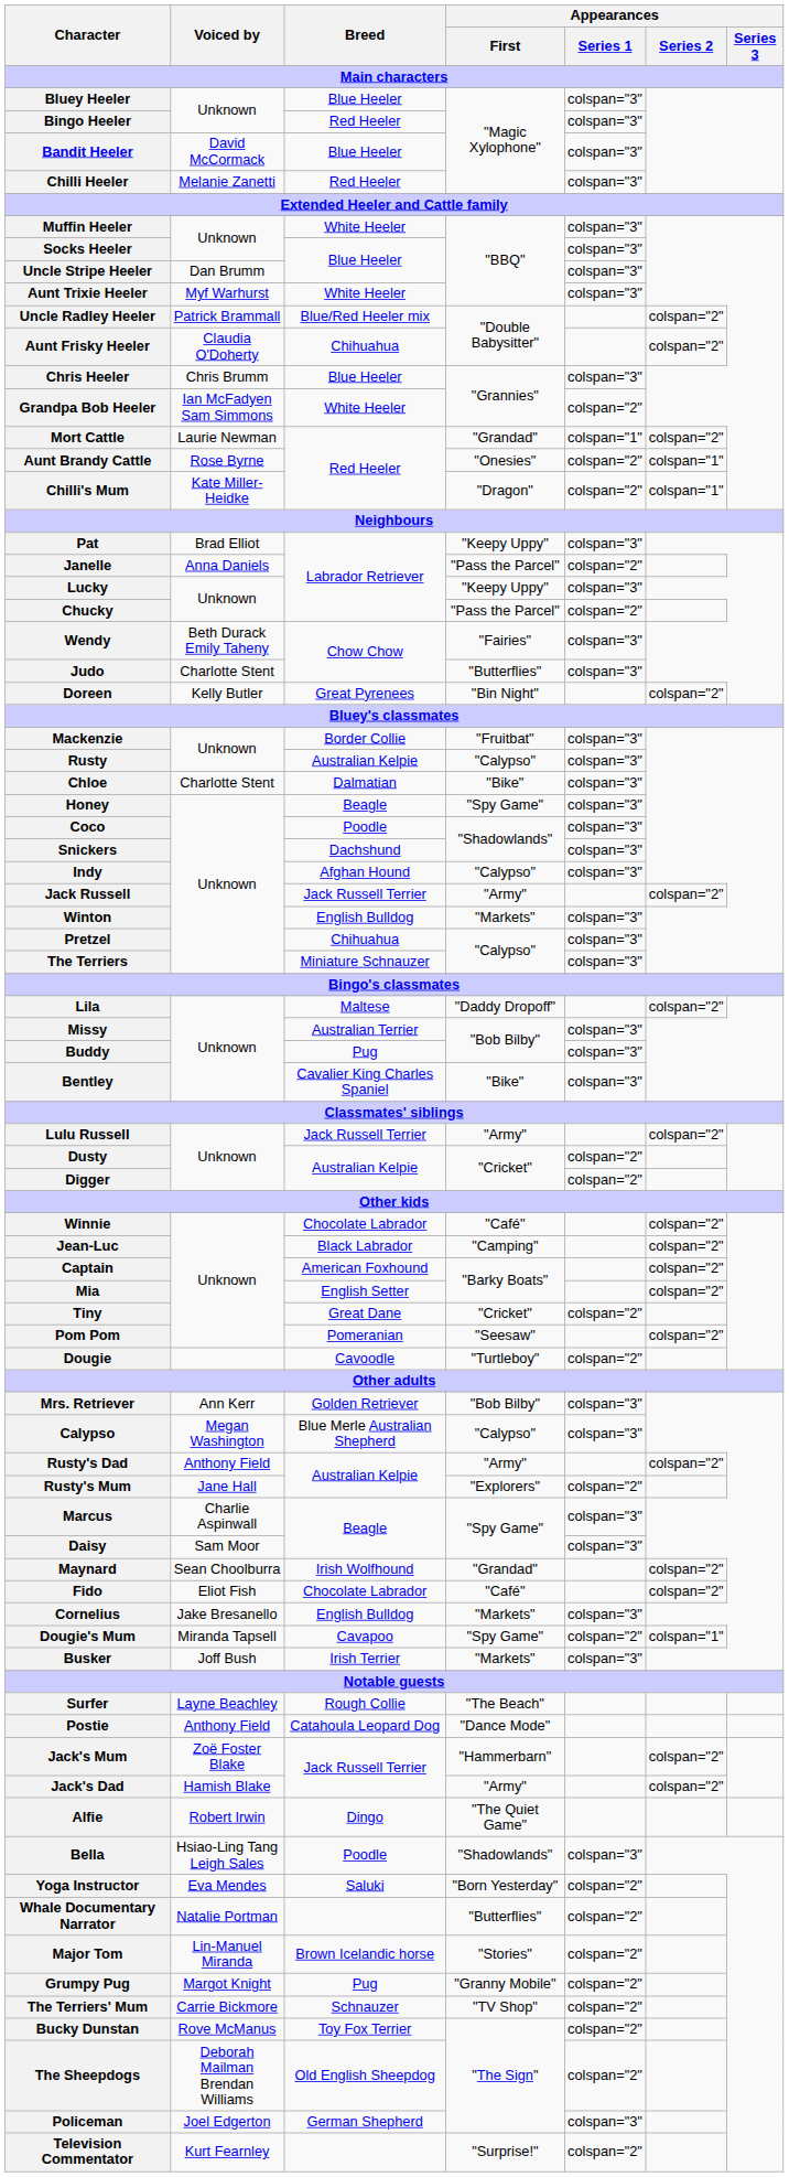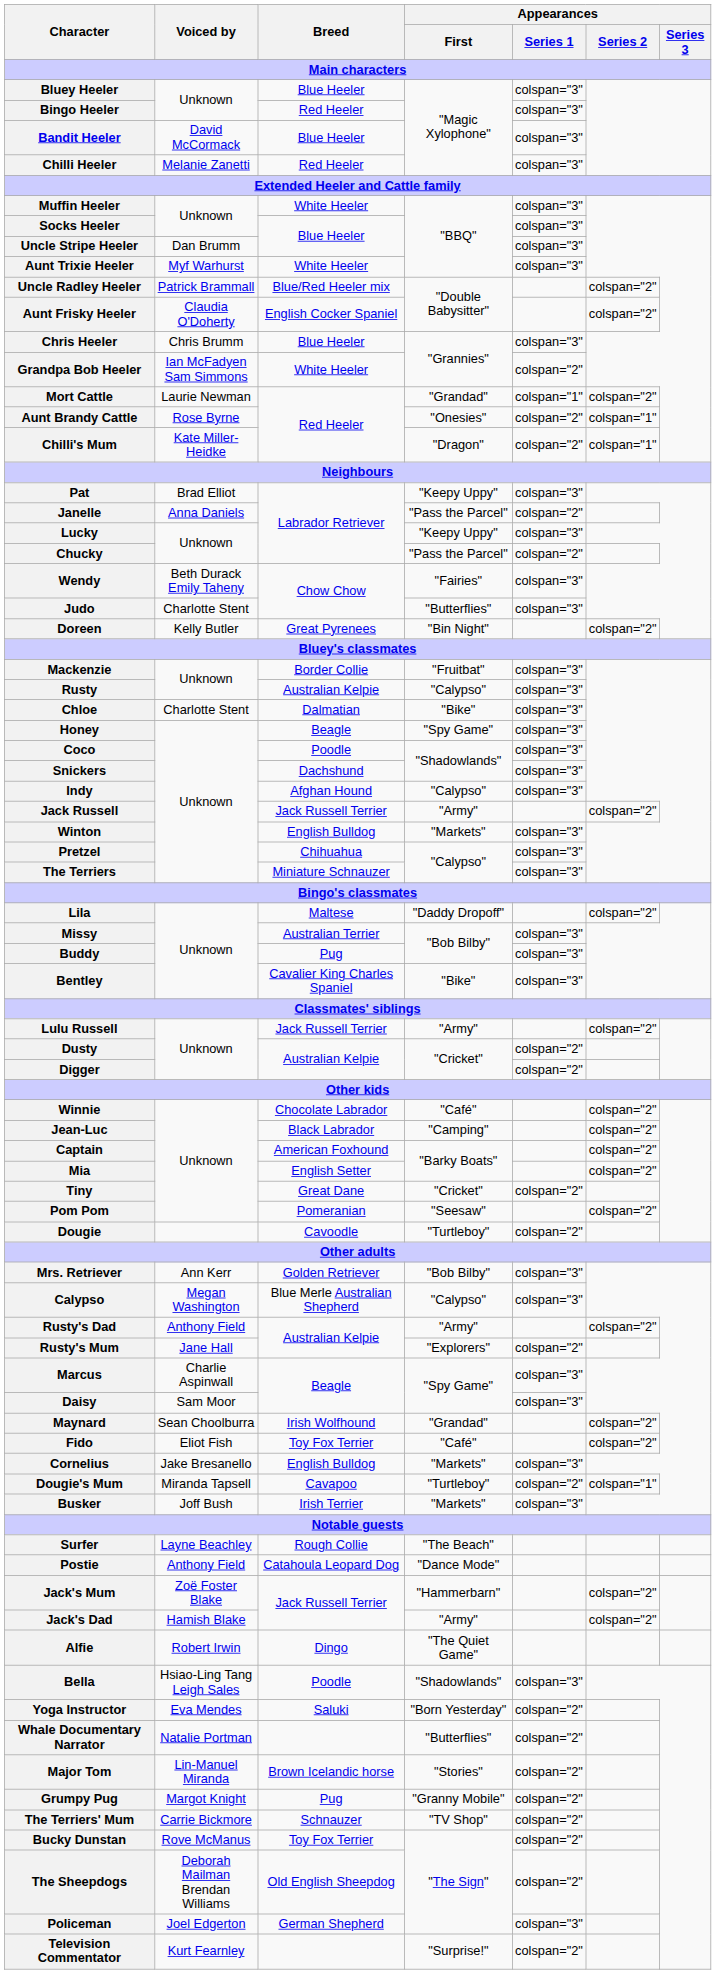 <table class="wikitable" style="text-align:center; width:100%">
 <tr>
 <th scope="col" rowspan="2">Character</th>
 <th scope="col" rowspan="2">Voiced by</th>
 <th scope="col" rowspan="2">Breed</th>
 <th scope="col" colspan="5">Appearances</th>
 </tr>
 <tr>
 <th scope="col">First</th>
 <th scope="col"><a href='#'>Series 1</a></th>
 <th scope="col"><a href='#'>Series 2</a></th>
 <th scope="col"><a href='#'>Series 3</a></th>
 </tr>
 <tr>
 <th colspan="7" style="background-color:#ccccff;"><a href='#'>Main characters</a></th>
 </tr>
 <tr>
 <th scope="row">Bluey Heeler</th>
 <td rowspan="2">Unknown</td>
 <td><a href='#'>Blue Heeler</a></td>
 <td rowspan="4">"Magic Xylophone"</td>
 <td>colspan="3" </td>
 </tr>
 <tr>
 <th scope="row">Bingo Heeler</th>
 <td><a href='#'>Red Heeler</a></td>
 <td>colspan="3" </td>
 </tr>
 <tr>
 <th scope="row"><a href='#'>Bandit Heeler</a><br></th>
 <td><a href='#'>David McCormack</a></td>
 <td><a href='#'>Blue Heeler</a></td>
 <td>colspan="3" </td>
 </tr>
 <tr>
 <th scope="row">Chilli Heeler<br></th>
 <td><a href='#'>Melanie Zanetti</a></td>
 <td><a href='#'>Red Heeler</a></td>
 <td>colspan="3" </td>
 </tr>
 <tr>
 <th colspan="7" style="background-color:#ccccff;"><a href='#'>Extended Heeler and Cattle family</a></th>
 </tr>
 <tr>
 <th scope="row">Muffin Heeler</th>
 <td rowspan="2">Unknown</td>
 <td><a href='#'>White Heeler</a></td>
 <td rowspan="4">"BBQ"</td>
 <td>colspan="3" </td>
 </tr>
 <tr>
 <th scope="row">Socks Heeler</th>
 <td rowspan="2"><a href='#'>Blue Heeler</a></td>
 <td>colspan="3" </td>
 </tr>
 <tr>
 <th scope="row">Uncle Stripe Heeler</th>
 <td>Dan Brumm</td>
 <td>colspan="3" </td>
 </tr>
 <tr>
 <th scope="row">Aunt Trixie Heeler</th>
 <td><a href='#'>Myf Warhurst</a></td>
 <td><a href='#'>White Heeler</a></td>
 <td>colspan="3" </td>
 </tr>
 <tr>
 <th scope="row">Uncle Radley Heeler</th>
 <td><a href='#'>Patrick Brammall</a></td>
 <td><a href='#'>Blue/Red Heeler mix</a></td>
 <td rowspan="2">"Double Babysitter"</td>
 <td></td>
 <td>colspan="2" </td>
 </tr>
 <tr>
 <th scope="row">Aunt Frisky Heeler</th>
 <td><a href='#'>Claudia O'Doherty</a></td>
-<td><a href='#'>Chihuahua</a></td>
+<td><a href='#'>English Cocker Spaniel</a></td>
 <td></td>
 <td>colspan="2" </td>
 </tr>
 <tr>
 <th scope="row">Chris Heeler<br></th>
 <td>Chris Brumm</td>
 <td><a href='#'>Blue Heeler</a></td>
 <td rowspan="2">"Grannies"</td>
 <td>colspan="3" </td>
 </tr>
 <tr>
 <th scope="row">Grandpa Bob Heeler<br></th>
 <td><a href='#'>Ian McFadyen</a><br><a href='#'>Sam Simmons</a></td>
 <td><a href='#'>White Heeler</a></td>
 <td>colspan="2"</td>
 </tr>
 <tr>
 <th scope="row">Mort Cattle<br></th>
 <td>Laurie Newman</td>
 <td rowspan="3"><a href='#'>Red Heeler</a></td>
 <td>"Grandad"</td>
 <td>colspan="1" </td>
 <td>colspan="2" </td>
 </tr>
 <tr>
 <th scope="row">Aunt Brandy Cattle</th>
 <td><a href='#'>Rose Byrne</a></td>
 <td>"Onesies"</td>
 <td>colspan="2" </td>
 <td>colspan="1" </td>
 </tr>
 <tr>
 <th scope="row">Chilli's Mum</th>
 <td><a href='#'>Kate Miller-Heidke</a></td>
 <td>"Dragon"</td>
 <td>colspan="2" </td>
 <td>colspan="1" </td>
 </tr>
 <tr>
 <th colspan="7" style="background-color:#ccccff;"><a href='#'>Neighbours</a></th>
 </tr>
 <tr>
 <th scope="row">Pat<br></th>
 <td>Brad Elliot</td>
 <td rowspan="4"><a href='#'>Labrador Retriever</a></td>
 <td>"Keepy Uppy"</td>
 <td>colspan="3" </td>
 </tr>
 <tr>
 <th scope="row">Janelle<br></th>
 <td><a href='#'>Anna Daniels</a></td>
 <td>"Pass the Parcel"</td>
 <td>colspan="2" </td>
 <td></td>
 </tr>
 <tr>
 <th scope="row">Lucky</th>
 <td rowspan="2">Unknown</td>
 <td>"Keepy Uppy"</td>
 <td>colspan="3" </td>
 </tr>
 <tr>
 <th scope="row">Chucky</th>
 <td>"Pass the Parcel"</td>
 <td>colspan="2" </td>
 <td></td>
 </tr>
 <tr>
 <th scope="row">Wendy</th>
 <td>Beth Durack<br><a href='#'>Emily Taheny</a></td>
 <td rowspan="2"><a href='#'>Chow Chow</a></td>
 <td>"Fairies"</td>
 <td>colspan="3" </td>
 </tr>
 <tr>
 <th scope="row">Judo</th>
 <td>Charlotte Stent</td>
 <td>"Butterflies"</td>
 <td>colspan="3" </td>
 </tr>
 <tr>
 <th scope="row">Doreen</th>
 <td>Kelly Butler</td>
 <td><a href='#'>Great Pyrenees</a></td>
 <td>"Bin Night"</td>
 <td></td>
 <td>colspan="2" </td>
 </tr>
 <tr>
 <th colspan="7" style="background-color:#ccccff;"><a href='#'>Bluey's classmates</a></th>
 </tr>
 <tr>
 <th scope="row">Mackenzie</th>
 <td rowspan="2">Unknown</td>
 <td><a href='#'>Border Collie</a></td>
 <td>"Fruitbat"</td>
 <td>colspan="3" </td>
 </tr>
 <tr>
 <th scope="row">Rusty</th>
 <td><a href='#'>Australian Kelpie</a></td>
 <td>"Calypso"</td>
 <td>colspan="3" </td>
 </tr>
 <tr>
 <th scope="row">Chloe</th>
 <td>Charlotte Stent</td>
 <td><a href='#'>Dalmatian</a></td>
 <td>"Bike"</td>
 <td>colspan="3" </td>
 </tr>
 <tr>
 <th scope="row">Honey</th>
 <td rowspan="8">Unknown</td>
 <td><a href='#'>Beagle</a></td>
 <td>"Spy Game"</td>
 <td>colspan="3" </td>
 </tr>
 <tr>
 <th scope="row">Coco</th>
 <td><a href='#'>Poodle</a></td>
 <td rowspan="2">"Shadowlands"</td>
 <td>colspan="3" </td>
 </tr>
 <tr>
 <th scope="row">Snickers</th>
 <td><a href='#'>Dachshund</a></td>
 <td>colspan="3" </td>
 </tr>
 <tr>
 <th scope="row">Indy</th>
 <td><a href='#'>Afghan Hound</a></td>
 <td>"Calypso"</td>
 <td>colspan="3" </td>
 </tr>
 <tr>
 <th scope="row">Jack Russell</th>
 <td><a href='#'>Jack Russell Terrier</a></td>
 <td>"Army"</td>
 <td></td>
 <td>colspan="2" </td>
 </tr>
 <tr>
 <th scope="row">Winton</th>
 <td><a href='#'>English Bulldog</a></td>
 <td>"Markets"</td>
 <td>colspan="3" </td>
 </tr>
 <tr>
 <th scope="row">Pretzel</th>
 <td><a href='#'>Chihuahua</a></td>
 <td rowspan="2">"Calypso"</td>
 <td>colspan="3" </td>
 </tr>
 <tr>
 <th scope="row">The Terriers</th>
 <td><a href='#'>Miniature Schnauzer</a></td>
 <td>colspan="3" </td>
 </tr>
 <tr>
 <th colspan="7" style="background-color:#ccccff;"><a href='#'>Bingo's classmates</a></th>
 </tr>
 <tr>
 <th scope="row">Lila</th>
 <td rowspan="4">Unknown</td>
 <td><a href='#'>Maltese</a></td>
 <td>"Daddy Dropoff"</td>
 <td></td>
 <td>colspan="2" </td>
 </tr>
 <tr>
 <th scope="row">Missy</th>
 <td><a href='#'>Australian Terrier</a></td>
 <td rowspan="2">"Bob Bilby"</td>
 <td>colspan="3" </td>
 </tr>
 <tr>
 <th scope="row">Buddy</th>
 <td><a href='#'>Pug</a></td>
 <td>colspan="3" </td>
 </tr>
 <tr>
 <th scope="row">Bentley</th>
 <td><a href='#'>Cavalier King Charles Spaniel</a></td>
 <td>"Bike"</td>
 <td>colspan="3" </td>
 </tr>
 <tr>
 <th colspan="7" style="background-color:#ccccff;"><a href='#'>Classmates' siblings</a></th>
 </tr>
 <tr>
 <th scope="row">Lulu Russell</th>
 <td rowspan="3">Unknown</td>
 <td><a href='#'>Jack Russell Terrier</a></td>
 <td>"Army"</td>
 <td></td>
 <td>colspan="2" </td>
 </tr>
 <tr>
 <th scope="row">Dusty</th>
 <td rowspan="2"><a href='#'>Australian Kelpie</a></td>
 <td rowspan="2">"Cricket"</td>
 <td>colspan="2" </td>
 <td></td>
 </tr>
 <tr>
 <th scope="row">Digger</th>
 <td>colspan="2" </td>
 <td></td>
 </tr>
 <tr>
 <th colspan="7" style="background-color:#ccccff;"><a href='#'>Other kids</a></th>
 </tr>
 <tr>
 <th scope="row">Winnie</th>
 <td rowspan="6">Unknown</td>
 <td><a href='#'>Chocolate Labrador</a></td>
 <td>"Café"</td>
 <td></td>
 <td>colspan="2" </td>
 </tr>
 <tr>
 <th scope="row">Jean-Luc</th>
 <td><a href='#'>Black Labrador</a></td>
 <td>"Camping"</td>
 <td></td>
 <td>colspan="2" </td>
 </tr>
 <tr>
 <th scope="row">Captain</th>
 <td><a href='#'>American Foxhound</a></td>
 <td rowspan="2">"Barky Boats"</td>
 <td></td>
 <td>colspan="2" </td>
 </tr>
 <tr>
 <th scope="row">Mia</th>
 <td><a href='#'>English Setter</a></td>
 <td></td>
 <td>colspan="2" </td>
 </tr>
 <tr>
 <th scope="row">Tiny</th>
 <td><a href='#'>Great Dane</a></td>
 <td>"Cricket"</td>
 <td>colspan="2" </td>
 <td></td>
 </tr>
 <tr>
 <th scope="row">Pom Pom</th>
 <td><a href='#'>Pomeranian</a></td>
 <td>"Seesaw"</td>
 <td></td>
 <td>colspan="2" </td>
 </tr>
 <tr>
 <th scope="row">Dougie</th>
 <td></td>
 <td><a href='#'>Cavoodle</a></td>
 <td>"Turtleboy"</td>
 <td>colspan="2" </td>
 <td></td>
 </tr>
 <tr>
 <th colspan="7" style="background-color:#ccccff;"><a href='#'>Other adults</a></th>
 </tr>
 <tr>
 <th scope="row">Mrs. Retriever</th>
 <td>Ann Kerr</td>
 <td><a href='#'>Golden Retriever</a></td>
 <td>"Bob Bilby"</td>
 <td>colspan="3" </td>
 </tr>
 <tr>
 <th scope="row">Calypso</th>
 <td><a href='#'>Megan Washington</a></td>
 <td>Blue Merle <a href='#'>Australian Shepherd</a></td>
 <td>"Calypso"</td>
 <td>colspan="3" </td>
 </tr>
 <tr>
 <th scope="row">Rusty's Dad</th>
 <td><a href='#'>Anthony Field</a></td>
 <td rowspan="2"><a href='#'>Australian Kelpie</a></td>
 <td>"Army"</td>
 <td></td>
 <td>colspan="2" </td>
 </tr>
 <tr>
 <th scope="row">Rusty's Mum</th>
 <td><a href='#'>Jane Hall</a></td>
 <td>"Explorers"</td>
 <td>colspan="2" </td>
 <td></td>
 </tr>
 <tr>
 <th scope="row">Marcus</th>
 <td>Charlie Aspinwall</td>
 <td rowspan="2"><a href='#'>Beagle</a></td>
 <td rowspan="2">"Spy Game"</td>
 <td>colspan="3" </td>
 </tr>
 <tr>
 <th scope="row">Daisy</th>
 <td>Sam Moor</td>
 <td>colspan="3" </td>
 </tr>
 <tr>
 <th scope="row">Maynard</th>
 <td>Sean Choolburra</td>
 <td><a href='#'>Irish Wolfhound</a></td>
 <td>"Grandad"</td>
 <td></td>
 <td>colspan="2" </td>
 </tr>
 <tr>
 <th scope="row">Fido</th>
 <td>Eliot Fish</td>
-<td><a href='#'>Chocolate Labrador</a></td>
+<td><a href='#'>Toy Fox Terrier</a></td>
 <td>"Café"</td>
 <td></td>
 <td>colspan="2" </td>
 </tr>
 <tr>
 <th scope="row">Cornelius</th>
 <td>Jake Bresanello</td>
 <td><a href='#'>English Bulldog</a></td>
 <td>"Markets"</td>
 <td>colspan="3" </td>
 </tr>
 <tr>
 <th scope="row">Dougie's Mum</th>
 <td>Miranda Tapsell</td>
 <td><a href='#'>Cavapoo</a></td>
-<td>"Spy Game"</td>
+<td>"Turtleboy"</td>
 <td>colspan="2" </td>
 <td>colspan="1" </td>
 </tr>
 <tr>
 <th scope="row">Busker</th>
 <td>Joff Bush</td>
 <td><a href='#'>Irish Terrier</a></td>
 <td>"Markets"</td>
 <td>colspan="3" </td>
 </tr>
 <tr>
 <th colspan="7" style="background-color:#ccccff;"><a href='#'>Notable guests</a></th>
 </tr>
 <tr>
 <th scope="row">Surfer</th>
 <td><a href='#'>Layne Beachley</a></td>
 <td><a href='#'>Rough Collie</a></td>
 <td>"The Beach"</td>
 <td></td>
 <td></td>
 <td></td>
 </tr>
 <tr>
 <th scope="row">Postie</th>
 <td><a href='#'>Anthony Field</a></td>
 <td><a href='#'>Catahoula Leopard Dog</a></td>
 <td>"Dance Mode"</td>
 <td></td>
 <td></td>
 <td></td>
 </tr>
 <tr>
 <th scope="row">Jack's Mum</th>
 <td><a href='#'>Zoë Foster Blake</a></td>
 <td rowspan="2"><a href='#'>Jack Russell Terrier</a></td>
 <td>"Hammerbarn"</td>
 <td></td>
 <td>colspan="2" </td>
 </tr>
 <tr>
 <th scope="row">Jack's Dad</th>
 <td><a href='#'>Hamish Blake</a></td>
 <td>"Army"</td>
 <td></td>
 <td>colspan="2" </td>
 </tr>
 <tr>
 <th scope="row">Alfie</th>
 <td><a href='#'>Robert Irwin</a></td>
 <td><a href='#'>Dingo</a></td>
 <td>"The Quiet Game"</td>
 <td></td>
 <td></td>
 <td></td>
 </tr>
 <tr>
 <th scope="row">Bella<br></th>
 <td>Hsiao-Ling Tang<br><a href='#'>Leigh Sales</a></td>
 <td><a href='#'>Poodle</a></td>
 <td>"Shadowlands"</td>
 <td>colspan="3" </td>
 </tr>
 <tr>
 <th scope="row">Yoga Instructor</th>
 <td><a href='#'>Eva Mendes</a></td>
 <td><a href='#'>Saluki</a></td>
 <td>"Born Yesterday"</td>
 <td>colspan="2"</td>
 <td></td>
 </tr>
 <tr>
 <th scope="row">Whale Documentary Narrator</th>
 <td><a href='#'>Natalie Portman</a></td>
 <td></td>
 <td>"Butterflies"</td>
 <td>colspan="2"</td>
 <td></td>
 </tr>
 <tr>
 <th scope="row">Major Tom</th>
 <td><a href='#'>Lin-Manuel Miranda</a></td>
 <td><a href='#'>Brown Icelandic horse</a></td>
 <td>"Stories"</td>
 <td>colspan="2" </td>
 <td></td>
 </tr>
 <tr>
 <th scope="row">Grumpy Pug</th>
 <td><a href='#'>Margot Knight</a></td>
 <td><a href='#'>Pug</a></td>
 <td>"Granny Mobile"</td>
 <td>colspan="2"</td>
 <td></td>
 </tr>
 <tr>
 <th scope="row">The Terriers' Mum</th>
 <td><a href='#'>Carrie Bickmore</a></td>
 <td><a href='#'>Schnauzer</a></td>
 <td>"TV Shop"</td>
 <td>colspan="2"</td>
 <td></td>
 </tr>
 <tr>
 <th scope="row">Bucky Dunstan</th>
 <td><a href='#'>Rove McManus</a></td>
 <td><a href='#'>Toy Fox Terrier</a></td>
 <td rowspan="3">"<a href='#'>The Sign</a>"</td>
 <td>colspan="2"</td>
 <td></td>
 </tr>
 <tr>
 <th scope="row">The Sheepdogs</th>
 <td><a href='#'>Deborah Mailman</a><br>Brendan Williams</td>
 <td><a href='#'>Old English Sheepdog</a></td>
 <td>colspan="2"</td>
 <td></td>
 </tr>
 <tr>
 <th scope="row">Policeman</th>
 <td><a href='#'>Joel Edgerton</a></td>
 <td><a href='#'>German Shepherd</a></td>
 <td>colspan="3" </td>
 <td></td>
 </tr>
 <tr>
 <th scope="row">Television Commentator</th>
 <td><a href='#'>Kurt Fearnley</a></td>
 <td></td>
 <td>"Surprise!"</td>
 <td>colspan="2"</td>
 <td></td>
 </tr>
 </table>
